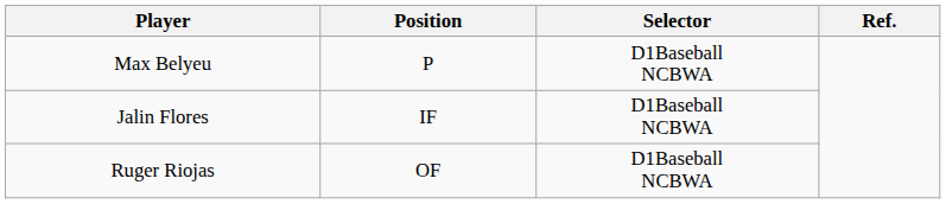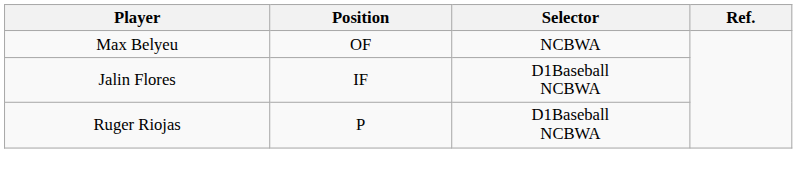 <table class="wikitable" style="width: 60%;text-align: center;">
 <tr>
 <th>Player</th>
 <th>Position</th>
 <th>Selector</th>
 <th>Ref.</th>
 </tr>
 <tr align="center">
 <td rowspan="1">Max Belyeu</td>
-<td>P</td>
-<td>D1Baseball<br>NCBWA</td>
+<td>OF</td>
+<td>NCBWA</td>
 <td rowspan="3"></td>
 </tr>
 <tr align="center">
 <td rowspan="1">Jalin Flores</td>
 <td>IF</td>
 <td>D1Baseball<br>NCBWA</td>
 </tr>
 <tr align="center">
 <td rowspan="1">Ruger Riojas</td>
-<td>OF</td>
+<td>P</td>
 <td>D1Baseball<br>NCBWA</td>
 </tr>
 </table>
